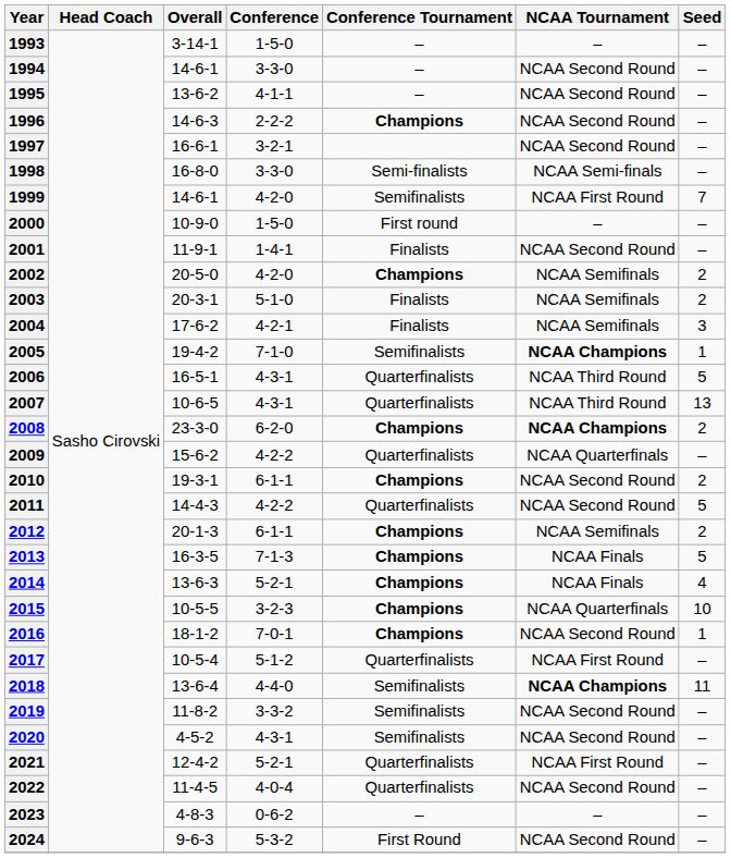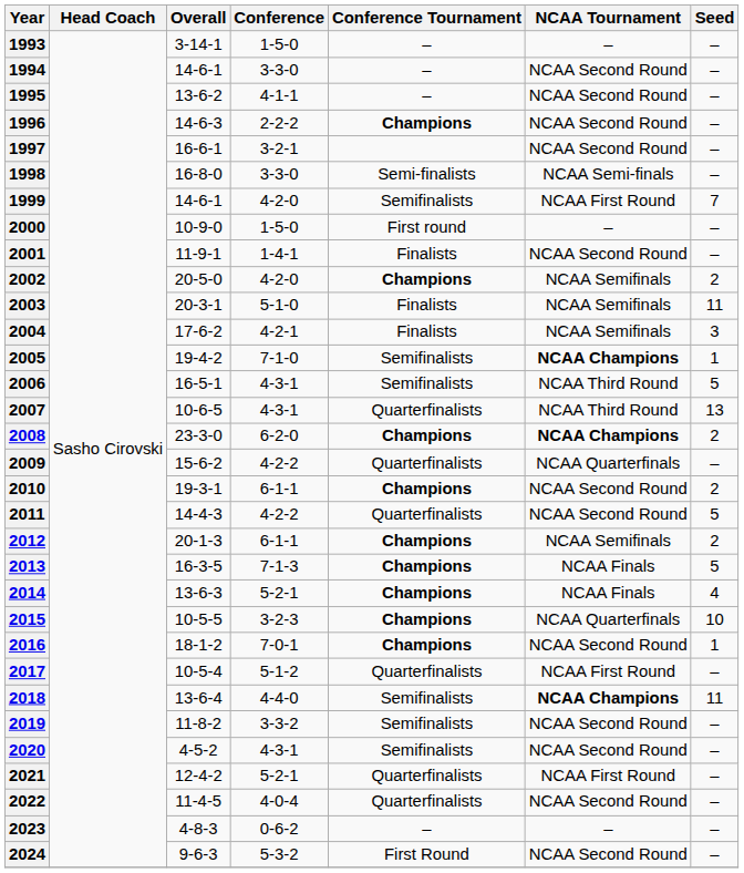 <table class="wikitable" style="text-align: center;">
 <tr>
 <th width=px>Year</th>
 <th width=px>Head Coach</th>
 <th width=px>Overall</th>
 <th width=px>Conference</th>
 <th width=px>Conference Tournament</th>
 <th width=px>NCAA Tournament</th>
 <th width=px>Seed</th>
 </tr>
 <tr>
 <th>1993</th>
 <td rowspan="32">Sasho Cirovski</td>
 <td>3-14-1</td>
 <td>1-5-0</td>
 <td>–</td>
 <td>–</td>
 <td>–</td>
 </tr>
 <tr>
 <th>1994</th>
 <td>14-6-1</td>
 <td>3-3-0</td>
 <td>–</td>
 <td>NCAA Second Round</td>
 <td>–</td>
 </tr>
 <tr>
 <th>1995</th>
 <td>13-6-2</td>
 <td>4-1-1</td>
 <td>–</td>
 <td>NCAA Second Round</td>
 <td>–</td>
 </tr>
 <tr>
 <th>1996</th>
 <td>14-6-3</td>
 <td>2-2-2</td>
 <td><strong>Champions</strong></td>
 <td>NCAA Second Round</td>
 <td>–</td>
 </tr>
 <tr>
 <th>1997</th>
 <td>16-6-1</td>
 <td>3-2-1</td>
 <td></td>
 <td>NCAA Second Round</td>
 <td>–</td>
 </tr>
 <tr>
 <th>1998</th>
 <td>16-8-0</td>
 <td>3-3-0</td>
 <td>Semi-finalists</td>
 <td>NCAA Semi-finals</td>
 <td>–</td>
 </tr>
 <tr>
 <th>1999</th>
 <td>14-6-1</td>
 <td>4-2-0</td>
 <td>Semifinalists</td>
 <td>NCAA First Round</td>
 <td>7</td>
 </tr>
 <tr>
 <th>2000</th>
 <td>10-9-0</td>
 <td>1-5-0</td>
 <td>First round</td>
 <td>–</td>
 <td>–</td>
 </tr>
 <tr>
 <th>2001</th>
 <td>11-9-1</td>
 <td>1-4-1</td>
 <td>Finalists</td>
 <td>NCAA Second Round</td>
 <td>–</td>
 </tr>
 <tr>
 <th>2002</th>
 <td>20-5-0</td>
 <td>4-2-0</td>
 <td><strong>Champions</strong></td>
 <td>NCAA Semifinals</td>
 <td>2</td>
 </tr>
 <tr>
 <th>2003</th>
 <td>20-3-1</td>
 <td>5-1-0</td>
 <td>Finalists</td>
 <td>NCAA Semifinals</td>
-<td>2</td>
+<td>11</td>
 </tr>
 <tr>
 <th>2004</th>
 <td>17-6-2</td>
 <td>4-2-1</td>
 <td>Finalists</td>
 <td>NCAA Semifinals</td>
 <td>3</td>
 </tr>
 <tr>
 <th>2005</th>
 <td>19-4-2</td>
 <td>7-1-0</td>
 <td>Semifinalists</td>
 <td><strong>NCAA Champions</strong></td>
 <td>1</td>
 </tr>
 <tr>
 <th>2006</th>
 <td>16-5-1</td>
 <td>4-3-1</td>
-<td>Quarterfinalists</td>
+<td>Semifinalists</td>
 <td>NCAA Third Round</td>
 <td>5</td>
 </tr>
 <tr>
 <th>2007</th>
 <td>10-6-5</td>
 <td>4-3-1</td>
 <td>Quarterfinalists</td>
 <td>NCAA Third Round</td>
 <td>13</td>
 </tr>
 <tr>
 <th><a href='#'>2008</a></th>
 <td>23-3-0</td>
 <td>6-2-0</td>
 <td><strong>Champions</strong></td>
 <td><strong>NCAA Champions</strong></td>
 <td>2</td>
 </tr>
 <tr>
 <th>2009</th>
 <td>15-6-2</td>
 <td>4-2-2</td>
 <td>Quarterfinalists</td>
 <td>NCAA Quarterfinals</td>
 <td>–</td>
 </tr>
 <tr>
 <th>2010</th>
 <td>19-3-1</td>
 <td>6-1-1</td>
 <td><strong>Champions</strong></td>
 <td>NCAA Second Round</td>
 <td>2</td>
 </tr>
 <tr>
 <th>2011</th>
 <td>14-4-3</td>
 <td>4-2-2</td>
 <td>Quarterfinalists</td>
 <td>NCAA Second Round</td>
 <td>5</td>
 </tr>
 <tr>
 <th><a href='#'>2012</a></th>
 <td>20-1-3</td>
 <td>6-1-1</td>
 <td><strong>Champions</strong></td>
 <td>NCAA Semifinals</td>
 <td>2</td>
 </tr>
 <tr>
 <th><a href='#'>2013</a></th>
 <td>16-3-5</td>
 <td>7-1-3</td>
 <td><strong>Champions</strong></td>
 <td>NCAA Finals</td>
 <td>5</td>
 </tr>
 <tr>
 <th><a href='#'>2014</a></th>
 <td>13-6-3</td>
 <td>5-2-1</td>
 <td><strong>Champions</strong></td>
 <td>NCAA Finals</td>
 <td>4</td>
 </tr>
 <tr>
 <th><a href='#'>2015</a></th>
 <td>10-5-5</td>
 <td>3-2-3</td>
 <td><strong>Champions</strong></td>
 <td>NCAA Quarterfinals</td>
 <td>10</td>
 </tr>
 <tr>
 <th><a href='#'>2016</a></th>
 <td>18-1-2</td>
 <td>7-0-1</td>
 <td><strong>Champions</strong></td>
 <td>NCAA Second Round</td>
 <td>1</td>
 </tr>
 <tr>
 <th><a href='#'>2017</a></th>
 <td>10-5-4</td>
 <td>5-1-2</td>
 <td>Quarterfinalists</td>
 <td>NCAA First Round</td>
 <td>–</td>
 </tr>
 <tr>
 <th><a href='#'>2018</a></th>
 <td>13-6-4</td>
 <td>4-4-0</td>
 <td>Semifinalists</td>
 <td><strong>NCAA Champions</strong></td>
 <td>11</td>
 </tr>
 <tr>
 <th><a href='#'>2019</a></th>
 <td>11-8-2</td>
 <td>3-3-2</td>
 <td>Semifinalists</td>
 <td>NCAA Second Round</td>
 <td>–</td>
 </tr>
 <tr>
 <th><a href='#'>2020</a></th>
 <td>4-5-2</td>
 <td>4-3-1</td>
 <td>Semifinalists</td>
 <td>NCAA Second Round</td>
 <td>–</td>
 </tr>
 <tr>
 <th>2021</th>
 <td>12-4-2</td>
 <td>5-2-1</td>
 <td>Quarterfinalists</td>
 <td>NCAA First Round</td>
 <td>–</td>
 </tr>
 <tr>
 <th>2022</th>
 <td>11-4-5</td>
 <td>4-0-4</td>
 <td>Quarterfinalists</td>
 <td>NCAA Second Round</td>
 <td>–</td>
 </tr>
 <tr>
 <th>2023</th>
 <td>4-8-3</td>
 <td>0-6-2</td>
 <td>–</td>
 <td>–</td>
 <td>–</td>
 </tr>
 <tr>
 <th>2024</th>
 <td>9-6-3</td>
 <td>5-3-2</td>
 <td>First Round</td>
 <td>NCAA Second Round</td>
 <td>–</td>
 </tr>
 <tr>
 </tr>
 </table>
